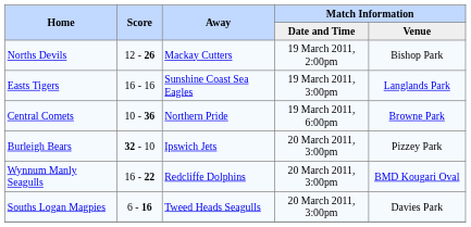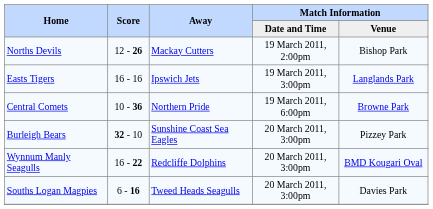 <table border=1 style="border-collapse:collapse; font-size:90%; text-align:center;" cellpadding=3 cellspacing=0>
 <tr bgcolor=#C1D8FF>
 <th rowspan=2 width=12%>Home</th>
 <th rowspan=2 width=3%>Score</th>
 <th rowspan=2 width=12%>Away</th>
 <th colspan=5>Match Information</th>
 </tr>
 <tr bgcolor=#EFEFEF>
 <th width=10%>Date and Time</th>
 <th width=10%>Venue</th>
 </tr>
 <tr bgcolor=#F5FAFF>
 <td align=left> <a href='#'>Norths Devils</a></td>
 <td>12 - <strong>26</strong></td>
 <td align=left> <a href='#'>Mackay Cutters</a></td>
 <td>19 March 2011, 2:00pm</td>
 <td>Bishop Park</td>
 </tr>
 <tr bgcolor=#F5FAFF>
 <td align=left> <a href='#'>Easts Tigers</a></td>
 <td>16 - 16</td>
-<td align=left> <a href='#'>Sunshine Coast Sea Eagles</a></td>
+<td align=left> <a href='#'>Ipswich Jets</a></td>
 <td>19 March 2011, 3:00pm</td>
 <td><a href='#'>Langlands Park</a></td>
 </tr>
 <tr bgcolor=#F5FAFF>
 <td align=left> <a href='#'>Central Comets</a></td>
 <td>10 - <strong>36</strong></td>
 <td align=left> <a href='#'>Northern Pride</a></td>
 <td>19 March 2011, 6:00pm</td>
 <td><a href='#'>Browne Park</a></td>
 </tr>
 <tr bgcolor=#F5FAFF>
 <td align=left> <a href='#'>Burleigh Bears</a></td>
 <td><strong>32</strong> - 10</td>
-<td align=left> <a href='#'>Ipswich Jets</a></td>
+<td align=left> <a href='#'>Sunshine Coast Sea Eagles</a></td>
 <td>20 March 2011, 3:00pm</td>
 <td>Pizzey Park</td>
 </tr>
 <tr bgcolor=#F5FAFF>
 <td align=left> <a href='#'>Wynnum Manly Seagulls</a></td>
 <td>16 - <strong>22</strong></td>
 <td align=left> <a href='#'>Redcliffe Dolphins</a></td>
 <td>20 March 2011, 3:00pm</td>
 <td><a href='#'>BMD Kougari Oval</a></td>
 </tr>
 <tr bgcolor=#F5FAFF>
 <td align=left> <a href='#'>Souths Logan Magpies</a></td>
 <td>6 - <strong>16</strong></td>
 <td align=left> <a href='#'>Tweed Heads Seagulls</a></td>
 <td>20 March 2011, 3:00pm</td>
 <td>Davies Park</td>
 </tr>
 <tr>
 </tr>
 </table>
